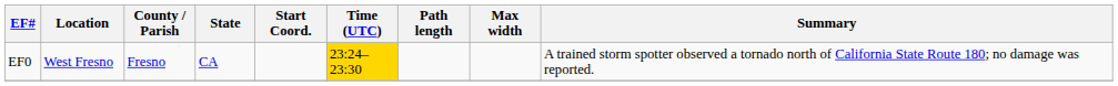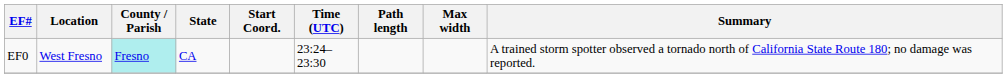 <table class="wikitable sortable" style="width:100%;">
 <tr>
 <th scope="col" width="3%" align="center"><a href='#'>EF#</a></th>
 <th scope="col" width="7%" align="center" class="unsortable">Location</th>
 <th scope="col" width="6%" align="center" class="unsortable">County / Parish</th>
 <th scope="col" width="5%" align="center">State</th>
 <th scope="col" width="6%" align="center">Start Coord.</th>
 <th scope="col" width="6%" align="center">Time (<a href='#'>UTC</a>)</th>
 <th scope="col" width="6%" align="center">Path length</th>
 <th scope="col" width="6%" align="center">Max width</th>
 <th scope="col" width="48%" class="unsortable" align="center">Summary</th>
 </tr>
 <tr>
 <td>EF0</td>
 <td><a href='#'>West Fresno</a></td>
-<td><a href='#'>Fresno</a></td>
+<td style="background: paleturquoise;"><a href='#'>Fresno</a></td>
 <td><a href='#'>CA</a></td>
 <td></td>
-<td style="background: gold;">23:24–23:30</td>
+<td>23:24–23:30</td>
 <td></td>
 <td></td>
 <td>A trained storm spotter observed a tornado north of <a href='#'>California State Route 180</a>; no damage was reported.</td>
 </tr>
 <tr>
 </tr>
 </table>
